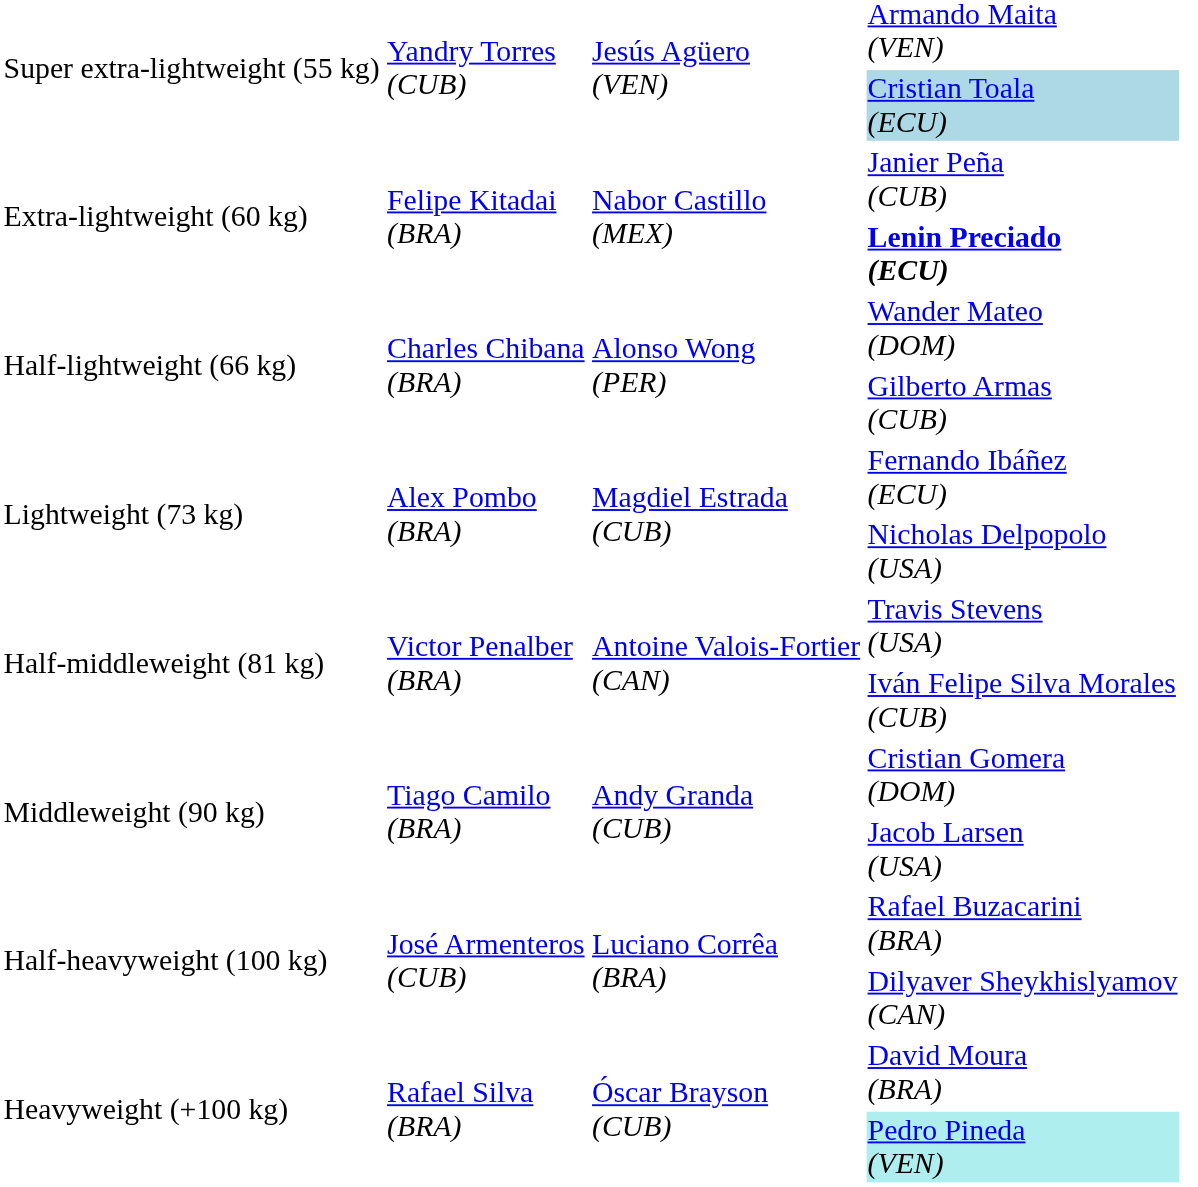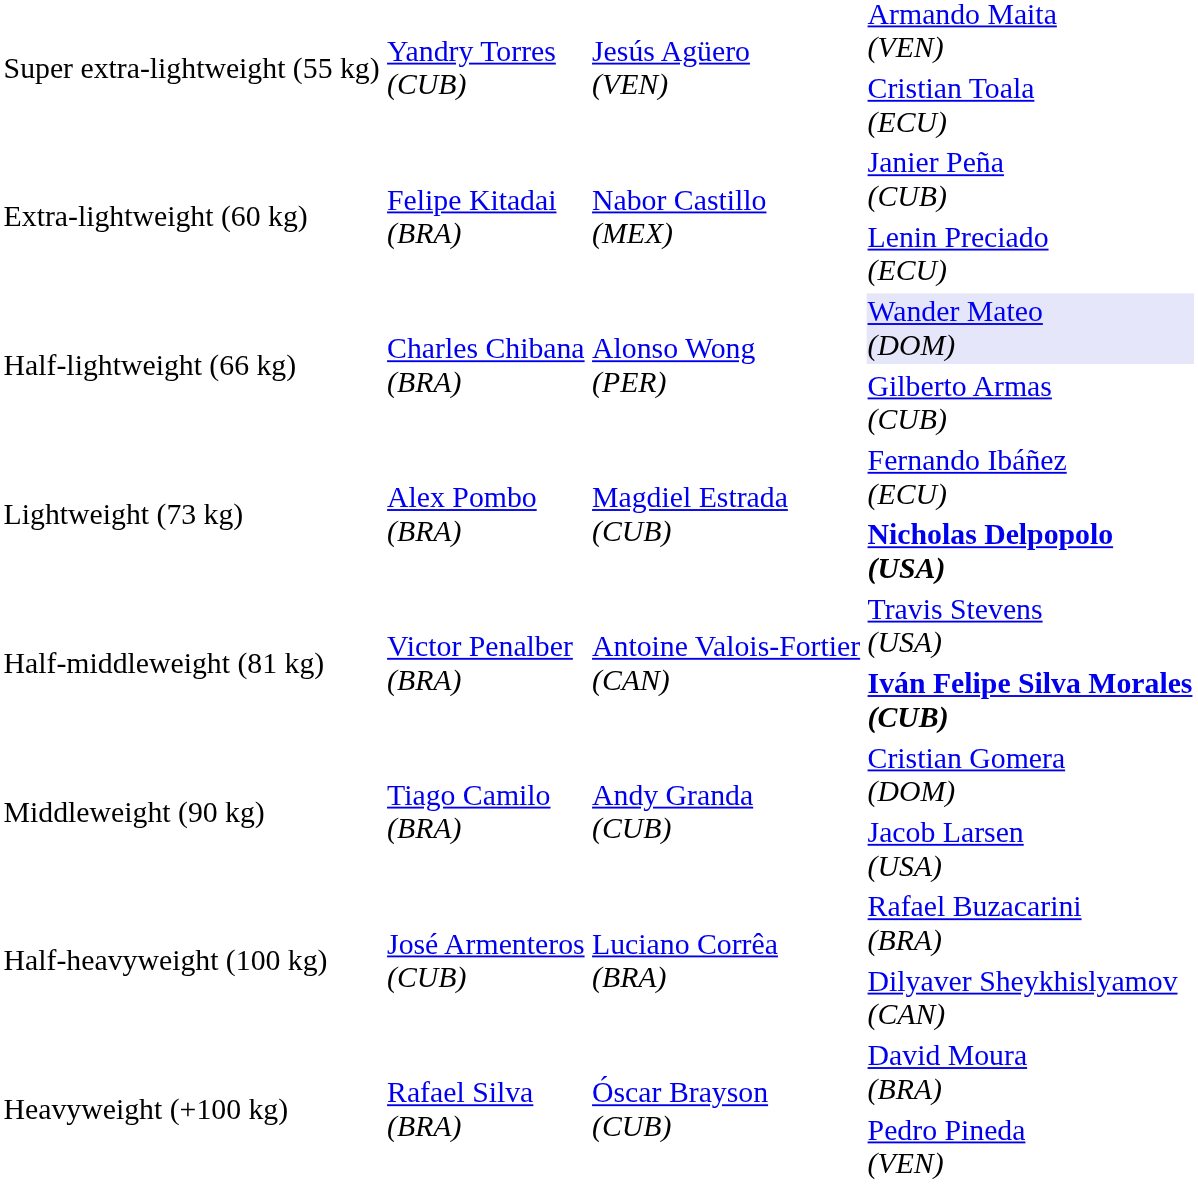 <table>
 <tr>
 <td rowspan=2>Super extra-lightweight (55 kg)</td>
 <td rowspan=2><a href='#'>Yandry Torres</a><br> <em> (CUB)</em></td>
 <td rowspan=2><a href='#'>Jesús Agüero</a> <br> <em> (VEN)</em></td>
 <td><a href='#'>Armando Maita</a> <br> <em> (VEN)</em></td>
 </tr>
 <tr>
-<td style="background: lightblue;"><a href='#'>Cristian Toala</a> <br> <em> (ECU)</em></td>
+<td><a href='#'>Cristian Toala</a> <br> <em> (ECU)</em></td>
 </tr>
 <tr>
 <td rowspan=2>Extra-lightweight (60 kg)</td>
 <td rowspan=2><a href='#'>Felipe Kitadai</a><br> <em> (BRA)</em></td>
 <td rowspan=2><a href='#'>Nabor Castillo</a> <br> <em> (MEX)</em></td>
 <td><a href='#'>Janier Peña</a> <br> <em> (CUB)</em></td>
 </tr>
 <tr>
-<td><strong><a href='#'>Lenin Preciado</a> <br> <em> (ECU)</em></strong></td>
+<td><a href='#'>Lenin Preciado</a> <br> <em> (ECU)</em></td>
 </tr>
 <tr>
 <td rowspan=2>Half-lightweight (66 kg)</td>
 <td rowspan=2><a href='#'>Charles Chibana</a><br> <em> (BRA)</em></td>
 <td rowspan=2><a href='#'>Alonso Wong</a> <br> <em> (PER)</em></td>
-<td><a href='#'>Wander Mateo</a> <br> <em> (DOM)</em></td>
+<td style="background: lavender;"><a href='#'>Wander Mateo</a> <br> <em> (DOM)</em></td>
 </tr>
 <tr>
 <td><a href='#'>Gilberto Armas</a> <br> <em> (CUB)</em></td>
 </tr>
 <tr>
 <td rowspan=2>Lightweight (73 kg)</td>
 <td rowspan=2><a href='#'>Alex Pombo</a><br> <em> (BRA)</em></td>
 <td rowspan=2><a href='#'>Magdiel Estrada</a> <br> <em> (CUB)</em></td>
 <td><a href='#'>Fernando Ibáñez</a> <br> <em> (ECU)</em></td>
 </tr>
 <tr>
-<td><a href='#'>Nicholas Delpopolo</a> <br> <em> (USA)</em></td>
+<td><strong><a href='#'>Nicholas Delpopolo</a> <br> <em> (USA)</em></strong></td>
 </tr>
 <tr>
 <td rowspan=2>Half-middleweight (81 kg)</td>
 <td rowspan=2><a href='#'>Victor Penalber</a><br> <em> (BRA)</em></td>
 <td rowspan=2><a href='#'>Antoine Valois-Fortier</a> <br> <em> (CAN)</em></td>
 <td><a href='#'>Travis Stevens</a> <br> <em> (USA)</em></td>
 </tr>
 <tr>
-<td><a href='#'>Iván Felipe Silva Morales</a> <br> <em> (CUB)</em></td>
+<td><strong><a href='#'>Iván Felipe Silva Morales</a> <br> <em> (CUB)</em></strong></td>
 </tr>
 <tr>
 <td rowspan=2>Middleweight (90 kg)</td>
 <td rowspan=2><a href='#'>Tiago Camilo</a><br><em> (BRA)</em></td>
 <td rowspan=2><a href='#'>Andy Granda</a><br><em> (CUB)</em></td>
 <td><a href='#'>Cristian Gomera</a><br> <em> (DOM)</em></td>
 </tr>
 <tr>
 <td><a href='#'>Jacob Larsen</a> <br> <em> (USA)</em></td>
 </tr>
 <tr>
 <td rowspan=2>Half-heavyweight (100 kg)</td>
 <td rowspan=2><a href='#'>José Armenteros</a><br><em> (CUB)</em></td>
 <td rowspan=2><a href='#'>Luciano Corrêa</a><br><em> (BRA)</em></td>
 <td><a href='#'>Rafael Buzacarini</a><br> <em> (BRA)</em></td>
 </tr>
 <tr>
 <td><a href='#'>Dilyaver Sheykhislyamov</a> <br> <em> (CAN)</em></td>
 </tr>
 <tr>
 <td rowspan=2>Heavyweight (+100 kg)</td>
 <td rowspan=2><a href='#'>Rafael Silva</a><br><em> (BRA)</em></td>
 <td rowspan=2><a href='#'>Óscar Brayson</a><br><em> (CUB)</em></td>
 <td><a href='#'>David Moura</a><br> <em> (BRA)</em></td>
 </tr>
 <tr>
-<td style="background: paleturquoise;"><a href='#'>Pedro Pineda</a> <br> <em> (VEN)</em></td>
+<td><a href='#'>Pedro Pineda</a> <br> <em> (VEN)</em></td>
 </tr>
 </table>
